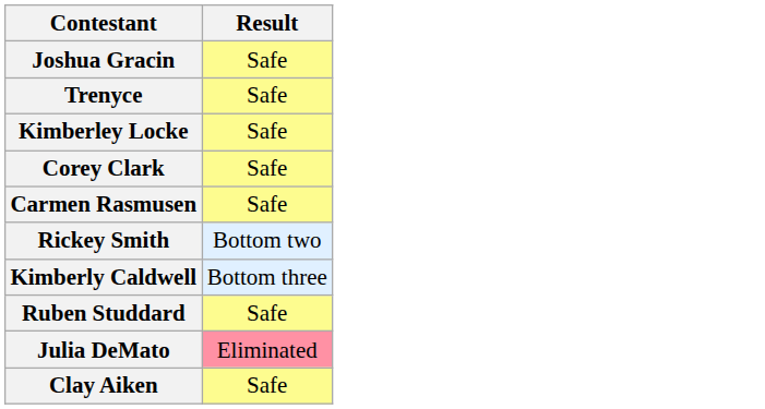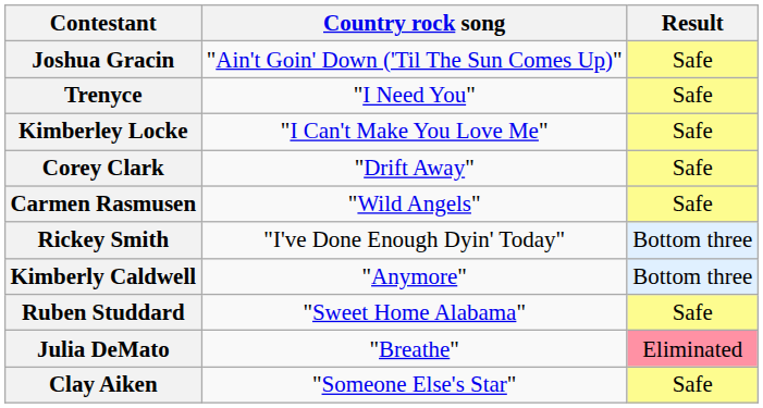 <table class="wikitable unsortable" style="text-align:center;">
 <tr>
 <th scope="col">Contestant</th>
+<th scope="col"><a href='#'>Country rock</a> song</th>
 <th scope="col">Result</th>
 </tr>
 <tr>
 <th scope="row">Joshua Gracin</th>
+<td>"<a href='#'>Ain't Goin' Down ('Til The Sun Comes Up)</a>"</td>
 <td style="background:#FDFC8F;">Safe</td>
 </tr>
 <tr>
 <th scope="row">Trenyce</th>
+<td>"<a href='#'>I Need You</a>"</td>
 <td style="background:#FDFC8F;">Safe</td>
 </tr>
 <tr>
 <th scope="row">Kimberley Locke</th>
+<td>"<a href='#'>I Can't Make You Love Me</a>"</td>
 <td style="background:#FDFC8F;">Safe</td>
 </tr>
 <tr>
 <th scope="row">Corey Clark</th>
+<td>"<a href='#'>Drift Away</a>"</td>
 <td style="background:#FDFC8F;">Safe</td>
 </tr>
 <tr>
 <th scope="row">Carmen Rasmusen</th>
+<td>"<a href='#'>Wild Angels</a>"</td>
 <td style="background:#FDFC8F;">Safe</td>
 </tr>
 <tr>
 <th scope="row">Rickey Smith</th>
-<td style="background:#e0f0ff">Bottom two</td>
+<td>"I've Done Enough Dyin' Today"</td>
+<td style="background:#e0f0ff">Bottom three</td>
 </tr>
 <tr>
 <th scope="row">Kimberly Caldwell</th>
+<td>"<a href='#'>Anymore</a>"</td>
 <td style="background:#e0f0ff">Bottom three</td>
 </tr>
 <tr>
 <th scope="row">Ruben Studdard</th>
+<td>"<a href='#'>Sweet Home Alabama</a>"</td>
 <td style="background:#FDFC8F;">Safe</td>
 </tr>
 <tr>
 <th scope="row">Julia DeMato</th>
+<td>"<a href='#'>Breathe</a>"</td>
 <td bgcolor="FF91A4">Eliminated</td>
 </tr>
 <tr>
 <th scope="row">Clay Aiken</th>
+<td>"<a href='#'>Someone Else's Star</a>"</td>
 <td style="background:#FDFC8F;">Safe</td>
 </tr>
 </table>
